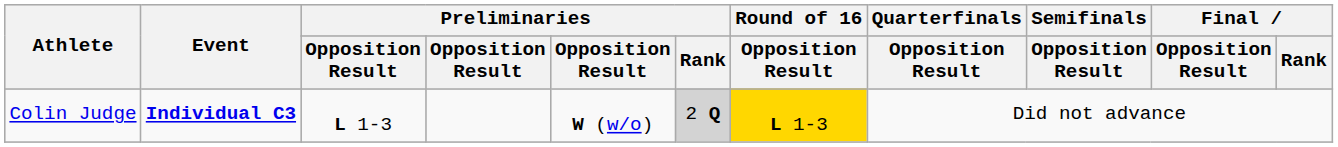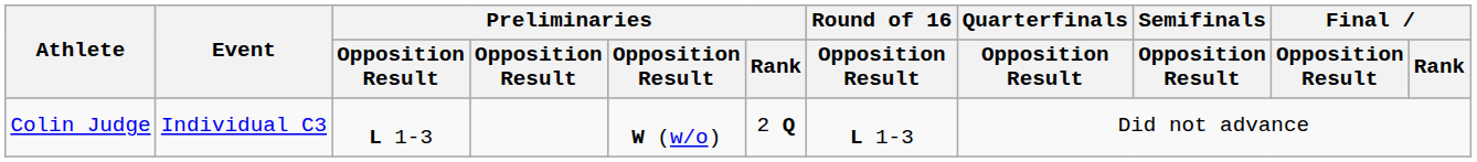 <table class=wikitable style="font-size:95%">
 <tr>
 <th rowspan="2">Athlete</th>
 <th rowspan="2">Event</th>
 <th colspan="4">Preliminaries</th>
 <th>Round of 16</th>
 <th>Quarterfinals</th>
 <th>Semifinals</th>
 <th colspan="2">Final / </th>
 </tr>
 <tr>
 <th>Opposition<br>Result</th>
 <th>Opposition<br>Result</th>
 <th>Opposition<br>Result</th>
 <th>Rank</th>
 <th>Opposition<br>Result</th>
 <th>Opposition<br>Result</th>
 <th>Opposition<br>Result</th>
 <th>Opposition<br>Result</th>
 <th>Rank</th>
 </tr>
 <tr align=center>
 <td align=left><a href='#'>Colin Judge</a></td>
-<td align=left><strong><a href='#'>Individual C3</a></strong></td>
+<td align=left><a href='#'>Individual C3</a></td>
 <td><br> <strong>L</strong> 1-3</td>
 <td></td>
 <td><br> <strong>W</strong> (<a href='#'>w/o</a>)</td>
-<td style="background: lightgrey;">2 <strong>Q</strong></td>
-<td style="background: gold;"><br> <strong>L</strong> 1-3</td>
+<td>2 <strong>Q</strong></td>
+<td><br> <strong>L</strong> 1-3</td>
 <td colspan=4>Did not advance</td>
 </tr>
 </table>
